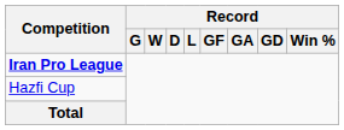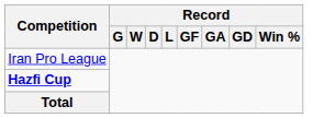 <table class="wikitable" style="text-align: center">
 <tr>
 <th rowspan=2>Competition</th>
 <th colspan=9>Record</th>
 </tr>
 <tr>
 <th>G</th>
 <th>W</th>
 <th>D</th>
 <th>L</th>
 <th>GF</th>
 <th>GA</th>
 <th>GD</th>
 <th>Win %</th>
 </tr>
 <tr>
-<td style="text-align: left"><strong><a href='#'>Iran Pro League</a><br></strong></td>
+<td style="text-align: left"><a href='#'>Iran Pro League</a><br></td>
 </tr>
 <tr>
-<td style="text-align: left"><a href='#'>Hazfi Cup</a><br></td>
+<td style="text-align: left"><strong><a href='#'>Hazfi Cup</a><br></strong></td>
 </tr>
 <tr>
 <th>Total<br></th>
 </tr>
 </table>
